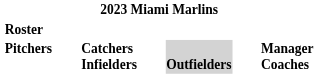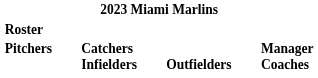 <table class="toccolours" style="font-size: 95%;">
 <tr>
 <th colspan="10">2023 Miami Marlins</th>
 </tr>
 <tr>
 <td colspan="10"><strong>Roster</strong></td>
 </tr>
 <tr>
 <td valign="top"><strong>Pitchers</strong><br>                              </td>
 <td style="width:25px;"></td>
 <td valign="top"><strong>Catchers</strong><br>  <strong>Infielders</strong>          </td>
 <td style="width:25px;"></td>
-<td valign="top" style="background: lightgrey;"><br><strong>Outfielders</strong>         </td>
+<td valign="top"><br><strong>Outfielders</strong>         </td>
 <td style="width:25px;"></td>
 <td valign="top"><strong>Manager</strong><br> <strong>Coaches</strong>                     </td>
 </tr>
 </table>
